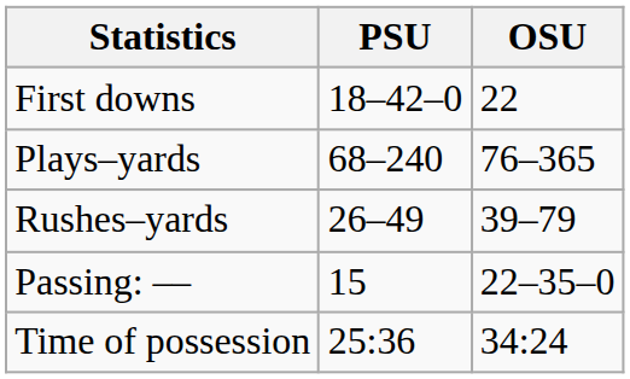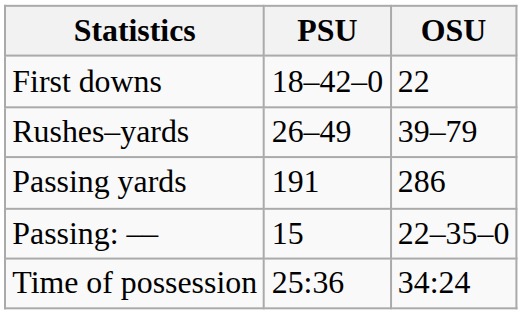 <table class="wikitable" style="float:left">
 <tr>
 <th>Statistics</th>
 <th>PSU</th>
 <th>OSU</th>
 </tr>
 <tr>
 <td>First downs</td>
 <td>18–42–0</td>
 <td>22</td>
 </tr>
 <tr>
-<td>Plays–yards</td>
-<td>68–240</td>
-<td>76–365</td>
-</tr>
-<tr>
 <td>Rushes–yards</td>
 <td>26–49</td>
 <td>39–79</td>
+</tr>
+<tr>
+<td>Passing yards</td>
+<td>191</td>
+<td>286</td>
 </tr>
 <tr>
 <td>Passing: ––</td>
 <td>15</td>
 <td>22–35–0</td>
 </tr>
 <tr>
 <td>Time of possession</td>
 <td>25:36</td>
 <td>34:24</td>
 </tr>
 </table>
